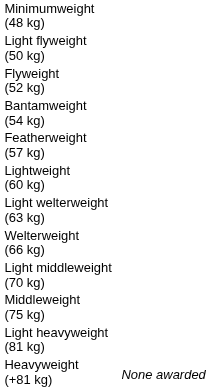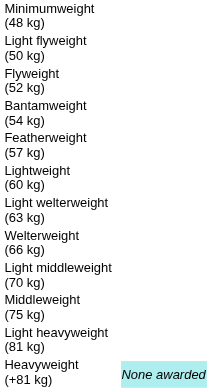 <table>
 <tr>
 <td rowspan=2>Minimumweight<br>(48 kg)</td>
 <td rowspan=2></td>
 <td rowspan=2></td>
 <td></td>
 </tr>
 <tr>
 <td></td>
 </tr>
 <tr>
 <td rowspan=2>Light flyweight<br>(50 kg)</td>
 <td rowspan=2></td>
 <td rowspan=2></td>
 <td></td>
 </tr>
 <tr>
 <td></td>
 </tr>
 <tr>
 <td rowspan=2>Flyweight<br>(52 kg)</td>
 <td rowspan=2></td>
 <td rowspan=2></td>
 <td></td>
 </tr>
 <tr>
 <td></td>
 </tr>
 <tr>
 <td rowspan=2>Bantamweight<br>(54 kg)</td>
 <td rowspan=2></td>
 <td rowspan=2></td>
 <td></td>
 </tr>
 <tr>
 <td></td>
 </tr>
 <tr>
 <td rowspan=2>Featherweight<br>(57 kg)</td>
 <td rowspan=2></td>
 <td rowspan=2></td>
 <td></td>
 </tr>
 <tr>
 <td></td>
 </tr>
 <tr>
 <td rowspan=2>Lightweight<br>(60 kg)</td>
 <td rowspan=2></td>
 <td rowspan=2></td>
 <td></td>
 </tr>
 <tr>
 <td></td>
 </tr>
 <tr>
 <td rowspan=2>Light welterweight<br>(63 kg)</td>
 <td rowspan=2></td>
 <td rowspan=2></td>
 <td></td>
 </tr>
 <tr>
 <td></td>
 </tr>
 <tr>
 <td rowspan=2>Welterweight<br>(66 kg)</td>
 <td rowspan=2></td>
 <td rowspan=2></td>
 <td></td>
 </tr>
 <tr>
 <td></td>
 </tr>
 <tr>
 <td rowspan=2>Light middleweight<br>(70 kg)</td>
 <td rowspan=2></td>
 <td rowspan=2></td>
 <td></td>
 </tr>
 <tr>
 <td></td>
 </tr>
 <tr>
 <td rowspan=2>Middleweight<br>(75 kg)</td>
 <td rowspan=2></td>
 <td rowspan=2></td>
 <td></td>
 </tr>
 <tr>
 <td></td>
 </tr>
 <tr>
 <td rowspan=2>Light heavyweight<br>(81 kg)</td>
 <td rowspan=2></td>
 <td rowspan=2></td>
 <td></td>
 </tr>
 <tr>
 <td></td>
 </tr>
 <tr>
 <td rowspan=2>Heavyweight<br>(+81 kg)</td>
 <td rowspan=2></td>
 <td rowspan=2></td>
 <td></td>
 </tr>
 <tr>
-<td><em>None awarded</em></td>
+<td style="background: paleturquoise;"><em>None awarded</em></td>
 </tr>
 </table>
